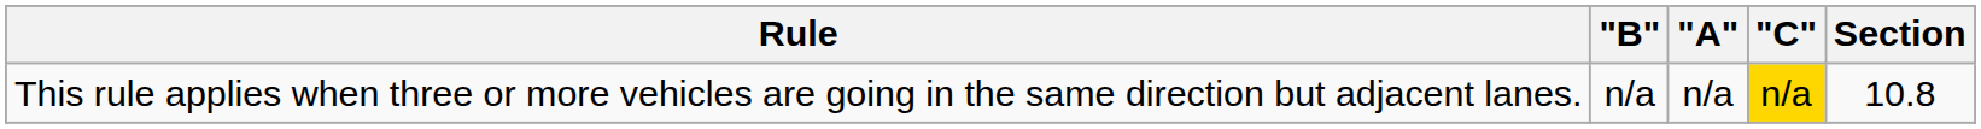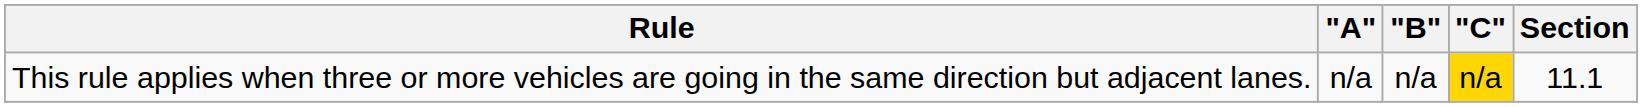 <table class="wikitable">
 <tr>
 <th style="text-align: center;">Rule</th>
+<th style="text-align: center;">"A"</th>
 <th style="text-align: center;">"B"</th>
-<th style="text-align: center;">"A"</th>
 <th style="text-align: center;">"C"</th>
 <th style="text-align: center;">Section</th>
 </tr>
 <tr>
 <td style="text-align: center;">This rule applies when three or more vehicles are going in the same direction but adjacent lanes.</td>
 <td style="text-align: center;">n/a</td>
 <td style="text-align: center;">n/a</td>
 <td style="background: gold; text-align: center;">n/a</td>
-<td style="text-align: center;">10.8</td>
+<td style="text-align: center;">11.1</td>
 </tr>
 </table>
